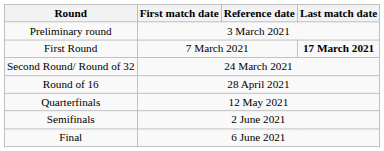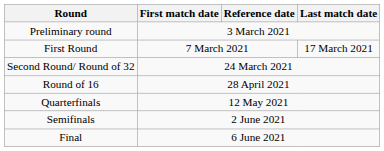 <table class="wikitable" style="text-align:center">
 <tr>
 <th>Round</th>
 <th>First match date</th>
 <th>Reference date</th>
 <th>Last match date</th>
 </tr>
 <tr>
 <td>Preliminary round</td>
 <td colspan=3>3 March 2021</td>
 </tr>
 <tr>
 <td>First Round</td>
 <td colspan=2>7 March 2021</td>
-<td><strong>17 March 2021</strong></td>
+<td>17 March 2021</td>
 </tr>
 <tr>
 <td>Second Round/ Round of 32</td>
 <td colspan=3>24 March 2021</td>
 </tr>
 <tr>
 <td>Round of 16</td>
 <td colspan=3>28 April 2021</td>
 </tr>
 <tr>
 <td>Quarterfinals</td>
 <td colspan=3>12 May 2021</td>
 </tr>
 <tr>
 <td>Semifinals</td>
 <td colspan=3>2 June 2021</td>
 </tr>
 <tr>
 <td>Final</td>
 <td colspan=3>6 June 2021</td>
 </tr>
 </table>
